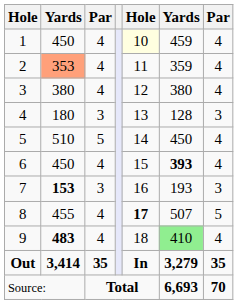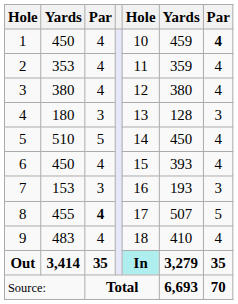 <table class="wikitable" style="text-align:center; font-size:95%;">
 <tr>
 <th>Hole</th>
 <th>Yards</th>
 <th>Par</th>
 <th></th>
 <th>Hole</th>
 <th>Yards</th>
 <th>Par</th>
 </tr>
 <tr>
 <td>1</td>
 <td>450</td>
 <td>4</td>
 <td rowspan=10 style="background:#E6E8FA;"></td>
-<td style="background: lightyellow;">10</td>
+<td>10</td>
 <td>459</td>
-<td>4</td>
+<td><strong>4</strong></td>
 </tr>
 <tr>
 <td>2</td>
-<td style="background: lightsalmon;">353</td>
+<td>353</td>
 <td>4</td>
 <td>11</td>
 <td>359</td>
 <td>4</td>
 </tr>
 <tr>
 <td>3</td>
 <td>380</td>
 <td>4</td>
 <td>12</td>
 <td>380</td>
 <td>4</td>
 </tr>
 <tr>
 <td>4</td>
 <td>180</td>
 <td>3</td>
 <td>13</td>
 <td>128</td>
 <td>3</td>
 </tr>
 <tr>
 <td>5</td>
 <td>510</td>
 <td>5</td>
 <td>14</td>
 <td>450</td>
 <td>4</td>
 </tr>
 <tr>
 <td>6</td>
 <td>450</td>
 <td>4</td>
 <td>15</td>
-<td><strong>393</strong></td>
+<td>393</td>
 <td>4</td>
 </tr>
 <tr>
 <td>7</td>
-<td><strong>153</strong></td>
+<td>153</td>
 <td>3</td>
 <td>16</td>
 <td>193</td>
 <td>3</td>
 </tr>
 <tr>
 <td>8</td>
 <td>455</td>
-<td>4</td>
-<td><strong>17</strong></td>
+<td><strong>4</strong></td>
+<td>17</td>
 <td>507</td>
 <td>5</td>
 </tr>
 <tr>
 <td>9</td>
-<td><strong>483</strong></td>
+<td>483</td>
 <td>4</td>
 <td>18</td>
-<td style="background: lightgreen;">410</td>
+<td>410</td>
 <td>4</td>
 </tr>
 <tr>
 <td><strong>Out</strong></td>
 <td><strong>3,414</strong></td>
 <td><strong>35</strong></td>
-<td><strong>In</strong></td>
+<td style="background: paleturquoise;"><strong>In</strong></td>
 <td><strong>3,279</strong></td>
 <td><strong>35</strong></td>
 </tr>
 <tr>
 <td colspan=2 align=left><small>Source:</small></td>
 <td colspan=3><strong>Total</strong></td>
 <td><strong>6,693</strong></td>
 <td><strong>70</strong></td>
 </tr>
 </table>
